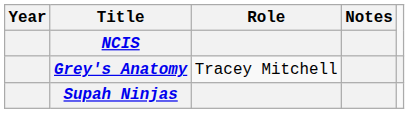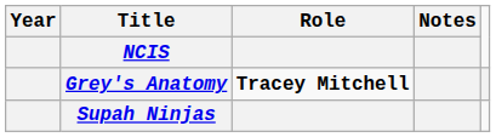 <table class="wikitable sortable">
 <tr>
 <th>Year</th>
 <th>Title</th>
 <th>Role</th>
 <th class="unsortable">Notes</th>
 </tr>
 <tr>
 <th></th>
 <th><em><a href='#'>NCIS</a></em></th>
 <th></th>
 <th></th>
 </tr>
 <tr>
 <th></th>
 <th><em><a href='#'>Grey's Anatomy</a></em></th>
-<td>Tracey Mitchell</td>
+<td><strong>Tracey Mitchell</strong></td>
 <th></th>
 <th></th>
 </tr>
 <tr>
 <th></th>
 <th><em><a href='#'>Supah Ninjas</a></em></th>
 <th></th>
 <th></th>
 </tr>
 </table>
